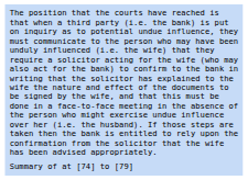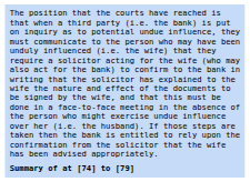 <table class="toccolours" style="float: right; margin-left: 1em; margin-right: 2em; font-size: 85%; background:#c6dbf7; color:black; width:30em; max-width: 40%;" cellspacing="5">
 <tr>
 <td style="text-align: left;">The position that the courts have reached is that when a third party (i.e. the bank) is put on inquiry as to potential undue influence, they must communicate to the person who may have been unduly influenced (i.e. the wife) that they require a solicitor acting for the wife (who may also act for the bank) to confirm to the bank in writing that the solicitor has explained to the wife the nature and effect of the documents to be signed by the wife, and that this must be done in a face-to-face meeting in the absence of the person who might exercise undue influence over her (i.e. the husband). If those steps are taken then the bank is entitled to rely upon the confirmation from the solicitor that the wife has been advised appropriately.</td>
 </tr>
 <tr>
-<td style="text-align: left;">Summary of  at [74] to [79]</td>
+<td style="text-align: left;"><strong>Summary of  at [74] to [79]</strong></td>
 </tr>
 </table>
